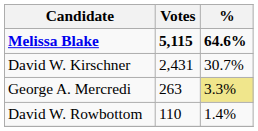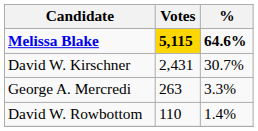 <table class="wikitable" style="width:260px">
 <tr>
 <th>Candidate</th>
 <th>Votes</th>
 <th>%</th>
 </tr>
 <tr>
 <td><strong><a href='#'>Melissa Blake</a></strong></td>
-<td><strong>5,115</strong></td>
+<td style="background: gold;"><strong>5,115</strong></td>
 <td><strong>64.6%</strong></td>
 </tr>
 <tr>
 <td>David W. Kirschner</td>
 <td>2,431</td>
 <td>30.7%</td>
 </tr>
 <tr>
 <td>George A. Mercredi</td>
 <td>263</td>
-<td style="background: khaki;">3.3%</td>
+<td>3.3%</td>
 </tr>
 <tr>
 <td>David W. Rowbottom</td>
 <td>110</td>
 <td>1.4%</td>
 </tr>
 <tr>
 </tr>
 </table>
